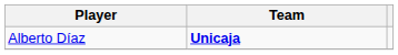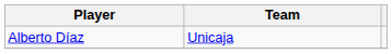 <table class="wikitable" style="text-align: center;">
 <tr>
 <th style="width:200px;">Player</th>
 <th style="width:220px;">Team</th>
 <th></th>
 </tr>
 <tr>
 <td align="left"> <a href='#'>Alberto Díaz</a></td>
-<td align="left"><strong> <a href='#'>Unicaja</a></strong></td>
+<td align="left"> <a href='#'>Unicaja</a></td>
 <td></td>
 </tr>
 <tr>
 </tr>
 </table>
